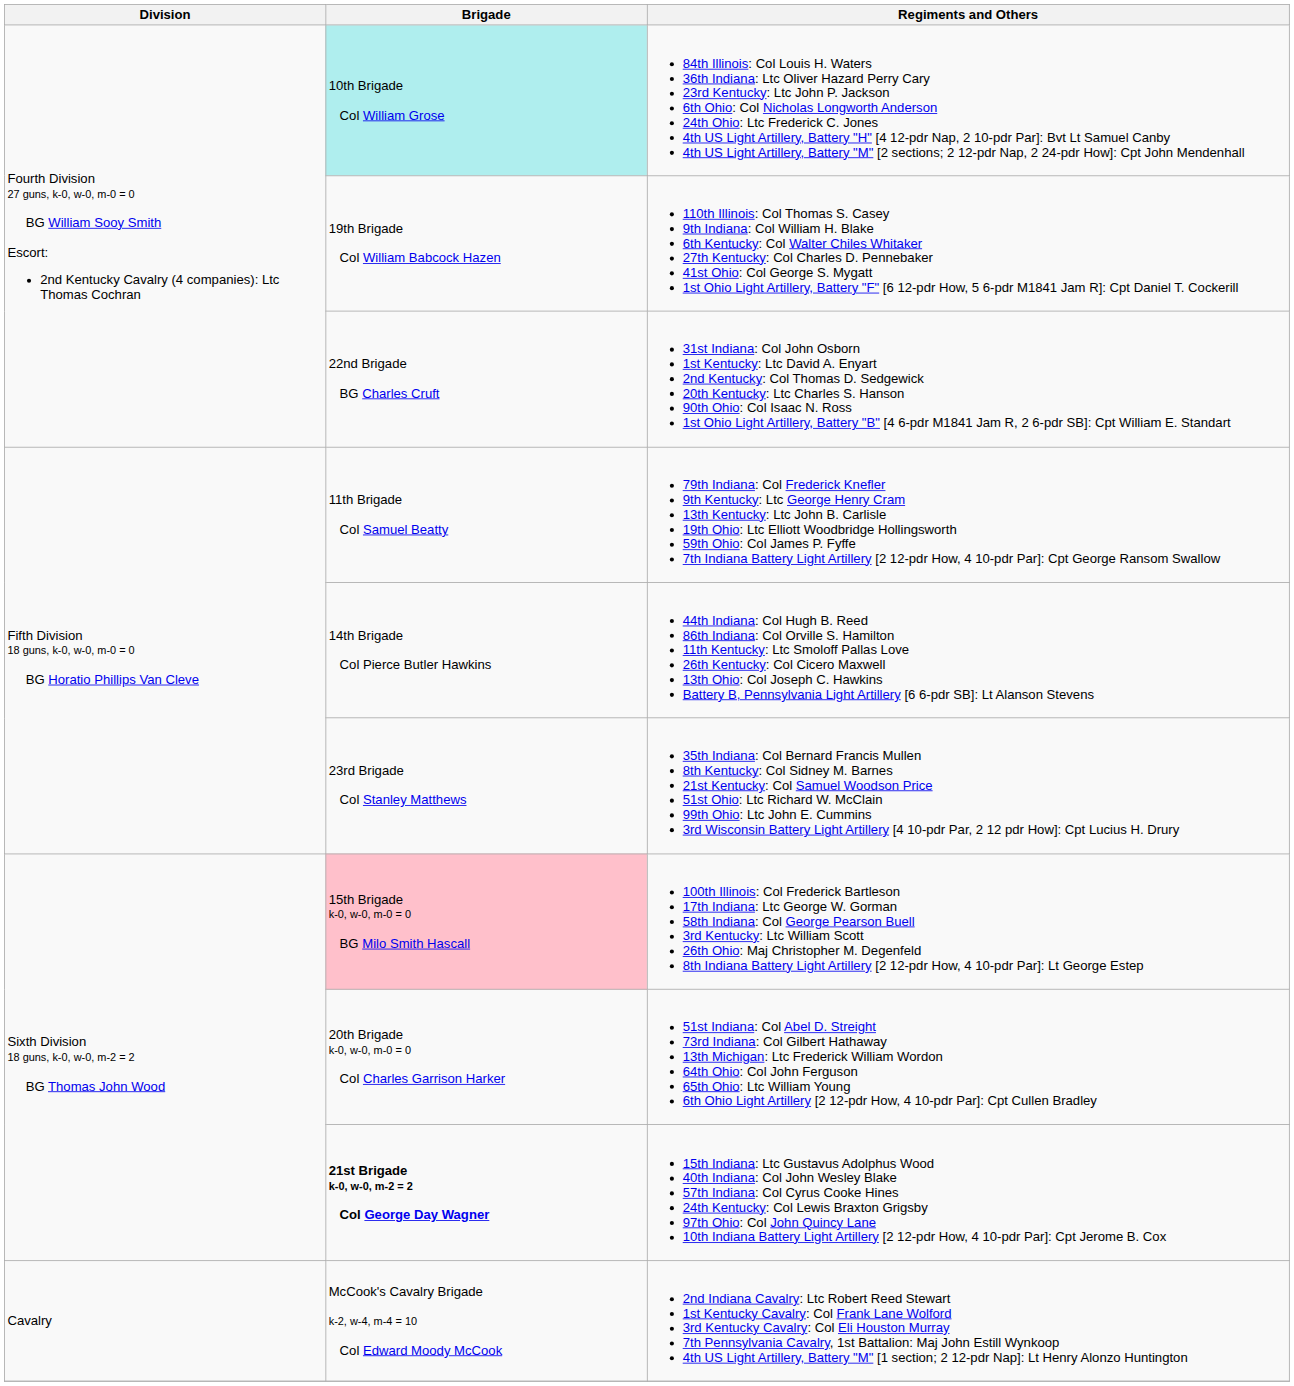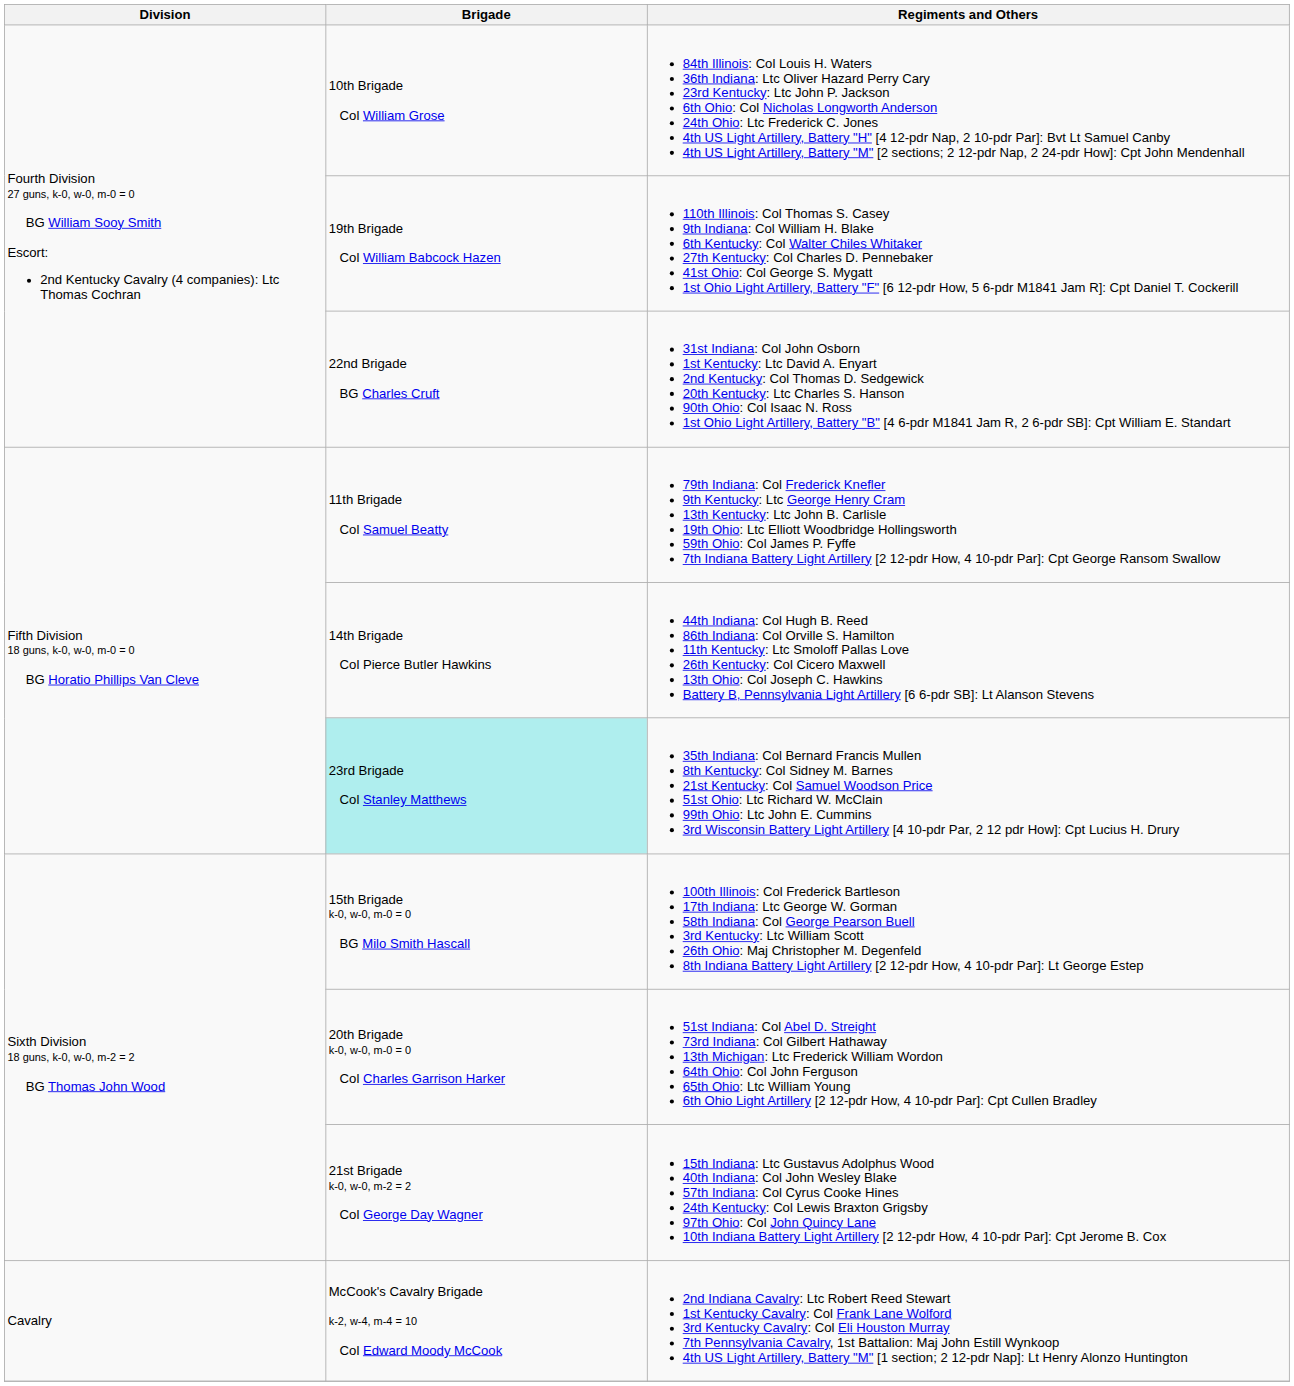 <table class="wikitable">
 <tr>
 <th width=25%>Division</th>
 <th width=25%>Brigade</th>
 <th>Regiments and Others</th>
 </tr>
 <tr>
 <td rowspan=3><br>Fourth Division<br> <small>27 guns, k-0, w-0, m-0 = 0</small><br><br>     BG <a href='#'>William Sooy Smith</a><br><br> Escort:<ul><li>2nd Kentucky Cavalry (4 companies): Ltc Thomas Cochran</li></ul></td>
-<td style="background: paleturquoise;">10th Brigade<br><br>   Col <a href='#'>William Grose</a></td>
+<td>10th Brigade<br><br>   Col <a href='#'>William Grose</a></td>
 <td><br><ul><li><a href='#'>84th Illinois</a>: Col Louis H. Waters</li><li><a href='#'>36th Indiana</a>: Ltc Oliver Hazard Perry Cary</li><li><a href='#'>23rd Kentucky</a>: Ltc John P. Jackson</li><li><a href='#'>6th Ohio</a>: Col <a href='#'>Nicholas Longworth Anderson</a></li><li><a href='#'>24th Ohio</a>: Ltc Frederick C. Jones</li><li><a href='#'>4th US Light Artillery, Battery "H"</a> [4 12-pdr Nap, 2 10-pdr Par]: Bvt Lt Samuel Canby</li><li><a href='#'>4th US Light Artillery, Battery "M"</a> [2 sections; 2 12-pdr Nap, 2 24-pdr How]: Cpt John Mendenhall</li></ul></td>
 </tr>
 <tr>
 <td>19th Brigade<br><br>   Col <a href='#'>William Babcock Hazen</a></td>
 <td><br><ul><li><a href='#'>110th Illinois</a>: Col Thomas S. Casey</li><li><a href='#'>9th Indiana</a>: Col William H. Blake</li><li><a href='#'>6th Kentucky</a>: Col <a href='#'>Walter Chiles Whitaker</a></li><li><a href='#'>27th Kentucky</a>: Col Charles D. Pennebaker</li><li><a href='#'>41st Ohio</a>: Col George S. Mygatt</li><li><a href='#'>1st Ohio Light Artillery, Battery "F"</a> [6 12-pdr How, 5 6-pdr M1841 Jam R]: Cpt Daniel T. Cockerill</li></ul></td>
 </tr>
 <tr>
 <td>22nd Brigade<br><br>   BG <a href='#'>Charles Cruft</a></td>
 <td><br><ul><li><a href='#'>31st Indiana</a>: Col John Osborn</li><li><a href='#'>1st Kentucky</a>: Ltc David A. Enyart</li><li><a href='#'>2nd Kentucky</a>: Col Thomas D. Sedgewick</li><li><a href='#'>20th Kentucky</a>: Ltc Charles S. Hanson</li><li><a href='#'>90th Ohio</a>: Col Isaac N. Ross</li><li><a href='#'>1st Ohio Light Artillery, Battery "B"</a> [4 6-pdr M1841 Jam R, 2 6-pdr SB]: Cpt William E. Standart</li></ul></td>
 </tr>
 <tr>
 <td rowspan=3><br>Fifth Division<br> <small>18 guns, k-0, w-0, m-0 = 0</small><br><br>     BG <a href='#'>Horatio Phillips Van Cleve</a></td>
 <td>11th Brigade<br><br>   Col <a href='#'>Samuel Beatty</a></td>
 <td><br><ul><li><a href='#'>79th Indiana</a>: Col <a href='#'>Frederick Knefler</a></li><li><a href='#'>9th Kentucky</a>: Ltc <a href='#'>George Henry Cram</a></li><li><a href='#'>13th Kentucky</a>: Ltc John B. Carlisle</li><li><a href='#'>19th Ohio</a>: Ltc Elliott Woodbridge Hollingsworth</li><li><a href='#'>59th Ohio</a>: Col James P. Fyffe</li><li><a href='#'>7th Indiana Battery Light Artillery</a> [2 12-pdr How, 4 10-pdr Par]: Cpt George Ransom Swallow</li></ul></td>
 </tr>
 <tr>
 <td>14th Brigade<br><br>   Col Pierce Butler Hawkins</td>
 <td><br><ul><li><a href='#'>44th Indiana</a>: Col Hugh B. Reed</li><li><a href='#'>86th Indiana</a>: Col Orville S. Hamilton</li><li><a href='#'>11th Kentucky</a>: Ltc Smoloff Pallas Love</li><li><a href='#'>26th Kentucky</a>: Col Cicero Maxwell</li><li><a href='#'>13th Ohio</a>: Col Joseph C. Hawkins</li><li><a href='#'>Battery B, Pennsylvania Light Artillery</a> [6 6-pdr SB]: Lt Alanson Stevens</li></ul></td>
 </tr>
 <tr>
-<td>23rd Brigade<br><br>   Col <a href='#'>Stanley Matthews</a></td>
+<td style="background: paleturquoise;">23rd Brigade<br><br>   Col <a href='#'>Stanley Matthews</a></td>
 <td><br><ul><li><a href='#'>35th Indiana</a>: Col Bernard Francis Mullen</li><li><a href='#'>8th Kentucky</a>: Col Sidney M. Barnes</li><li><a href='#'>21st Kentucky</a>: Col <a href='#'>Samuel Woodson Price</a></li><li><a href='#'>51st Ohio</a>: Ltc Richard W. McClain</li><li><a href='#'>99th Ohio</a>: Ltc John E. Cummins</li><li><a href='#'>3rd Wisconsin Battery Light Artillery</a> [4 10-pdr Par, 2 12 pdr How]: Cpt Lucius H. Drury</li></ul></td>
 </tr>
 <tr>
 <td rowspan=3><br>Sixth Division <br><small>18 guns, k-0, w-0, m-2 = 2</small><br><br>     BG <a href='#'>Thomas John Wood</a></td>
-<td style="background: pink;">15th Brigade<br><small>k-0, w-0, m-0 = 0</small><br><br>   BG <a href='#'>Milo Smith Hascall</a></td>
+<td>15th Brigade<br><small>k-0, w-0, m-0 = 0</small><br><br>   BG <a href='#'>Milo Smith Hascall</a></td>
 <td><br><ul><li><a href='#'>100th Illinois</a>: Col Frederick Bartleson</li><li><a href='#'>17th Indiana</a>: Ltc George W. Gorman</li><li><a href='#'>58th Indiana</a>: Col <a href='#'>George Pearson Buell</a></li><li><a href='#'>3rd Kentucky</a>: Ltc William Scott</li><li><a href='#'>26th Ohio</a>: Maj Christopher M. Degenfeld</li><li><a href='#'>8th Indiana Battery Light Artillery</a> [2 12-pdr How, 4 10-pdr Par]: Lt George Estep</li></ul></td>
 </tr>
 <tr>
 <td>20th Brigade<br><small>k-0, w-0, m-0 = 0</small><br><br>   Col <a href='#'>Charles Garrison Harker</a></td>
 <td><br><ul><li><a href='#'>51st Indiana</a>: Col <a href='#'>Abel D. Streight</a></li><li><a href='#'>73rd Indiana</a>: Col Gilbert Hathaway</li><li><a href='#'>13th Michigan</a>: Ltc Frederick William Wordon</li><li><a href='#'>64th Ohio</a>: Col John Ferguson</li><li><a href='#'>65th Ohio</a>: Ltc William Young</li><li><a href='#'>6th Ohio Light Artillery</a> [2 12-pdr How, 4 10-pdr Par]: Cpt Cullen Bradley</li></ul></td>
 </tr>
 <tr>
-<td><strong>21st Brigade<br><small>k-0, w-0, m-2 = 2</small><br><br>   Col <a href='#'>George Day Wagner</a></strong></td>
+<td>21st Brigade<br><small>k-0, w-0, m-2 = 2</small><br><br>   Col <a href='#'>George Day Wagner</a></td>
 <td><br><ul><li><a href='#'>15th Indiana</a>: Ltc Gustavus Adolphus Wood</li><li><a href='#'>40th Indiana</a>: Col John Wesley Blake</li><li><a href='#'>57th Indiana</a>: Col Cyrus Cooke Hines</li><li><a href='#'>24th Kentucky</a>: Col Lewis Braxton Grigsby</li><li><a href='#'>97th Ohio</a>: Col <a href='#'>John Quincy Lane</a></li><li><a href='#'>10th Indiana Battery Light Artillery</a> [2 12-pdr How, 4 10-pdr Par]: Cpt Jerome B. Cox</li></ul></td>
 </tr>
 <tr>
 <td>Cavalry</td>
 <td>McCook's Cavalry Brigade<br><br><small>k-2, w-4, m-4 = 10</small><br><br>   Col <a href='#'>Edward Moody McCook</a></td>
 <td><br><ul><li><a href='#'>2nd Indiana Cavalry</a>: Ltc Robert Reed Stewart</li><li><a href='#'>1st Kentucky Cavalry</a>: Col <a href='#'>Frank Lane Wolford</a></li><li><a href='#'>3rd Kentucky Cavalry</a>: Col <a href='#'>Eli Houston Murray</a></li><li><a href='#'>7th Pennsylvania Cavalry</a>, 1st Battalion: Maj John Estill Wynkoop</li><li><a href='#'>4th US Light Artillery, Battery "M"</a> [1 section; 2 12-pdr Nap]: Lt Henry Alonzo Huntington</li></ul></td>
 </tr>
 <tr>
 </tr>
 </table>
